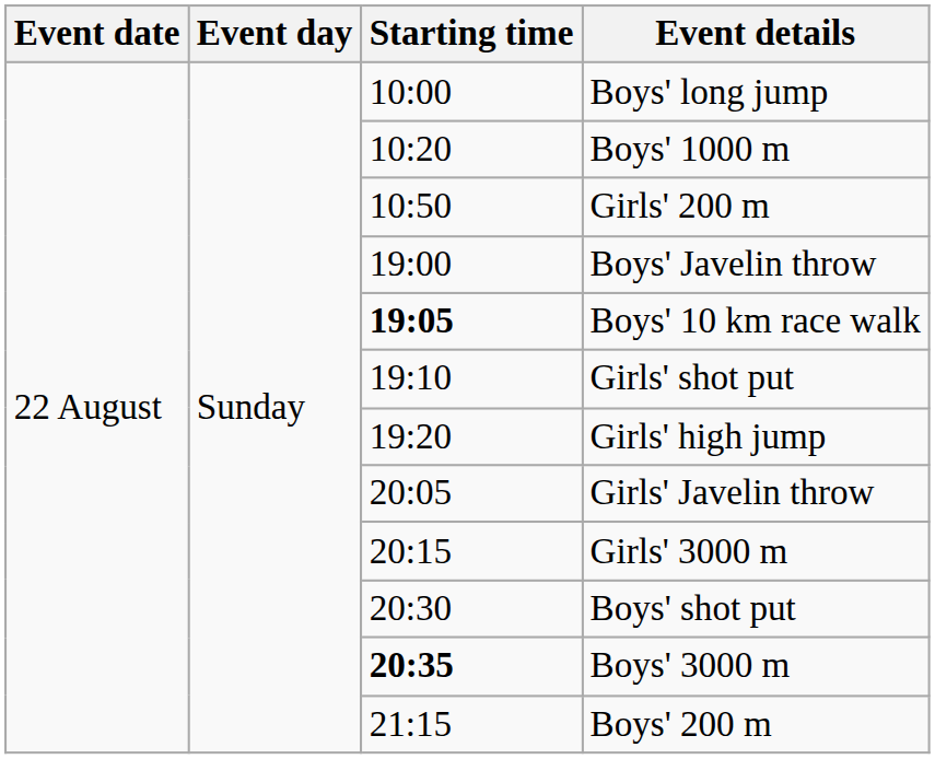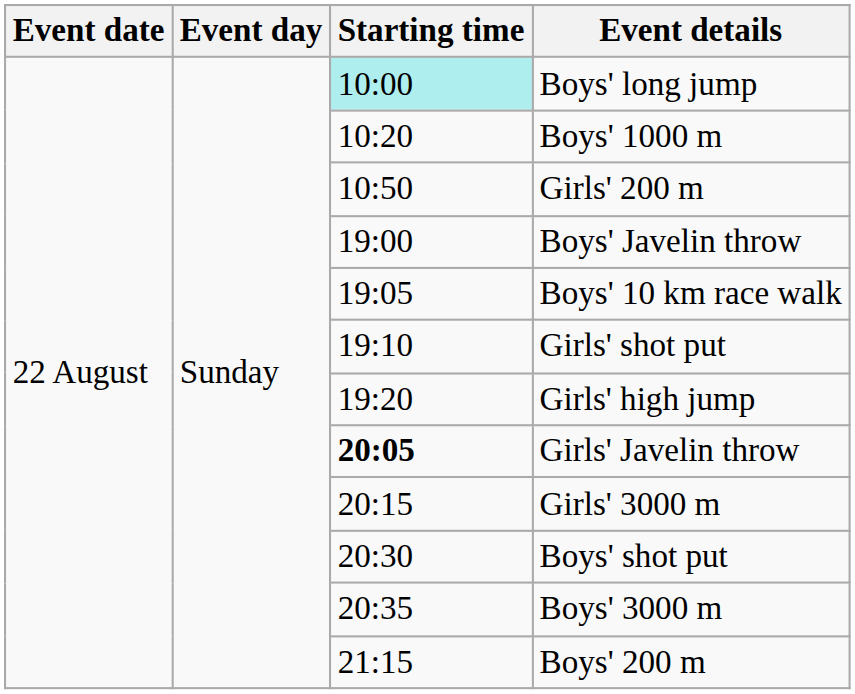 <table class="wikitable">
 <tr>
 <th>Event date</th>
 <th>Event day</th>
 <th>Starting time</th>
 <th>Event details</th>
 </tr>
 <tr>
 <td rowspan=12>22 August</td>
 <td rowspan=12>Sunday</td>
-<td>10:00</td>
+<td style="background: paleturquoise;">10:00</td>
 <td>Boys' long jump</td>
 </tr>
 <tr>
 <td>10:20</td>
 <td>Boys' 1000 m</td>
 </tr>
 <tr>
 <td>10:50</td>
 <td>Girls' 200 m</td>
 </tr>
 <tr>
 <td>19:00</td>
 <td>Boys' Javelin throw</td>
 </tr>
 <tr>
-<td><strong>19:05</strong></td>
+<td>19:05</td>
 <td>Boys' 10 km race walk</td>
 </tr>
 <tr>
 <td>19:10</td>
 <td>Girls' shot put</td>
 </tr>
 <tr>
 <td>19:20</td>
 <td>Girls' high jump</td>
 </tr>
 <tr>
-<td>20:05</td>
+<td><strong>20:05</strong></td>
 <td>Girls' Javelin throw</td>
 </tr>
 <tr>
 <td>20:15</td>
 <td>Girls' 3000 m</td>
 </tr>
 <tr>
 <td>20:30</td>
 <td>Boys' shot put</td>
 </tr>
 <tr>
-<td><strong>20:35</strong></td>
+<td>20:35</td>
 <td>Boys' 3000 m</td>
 </tr>
 <tr>
 <td>21:15</td>
 <td>Boys' 200 m</td>
 </tr>
 </table>
